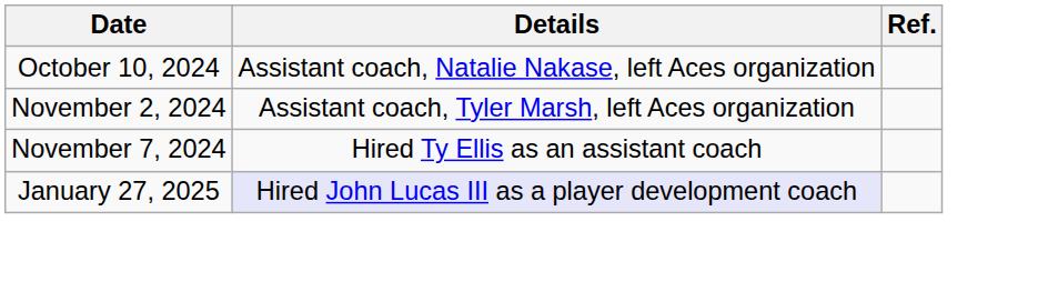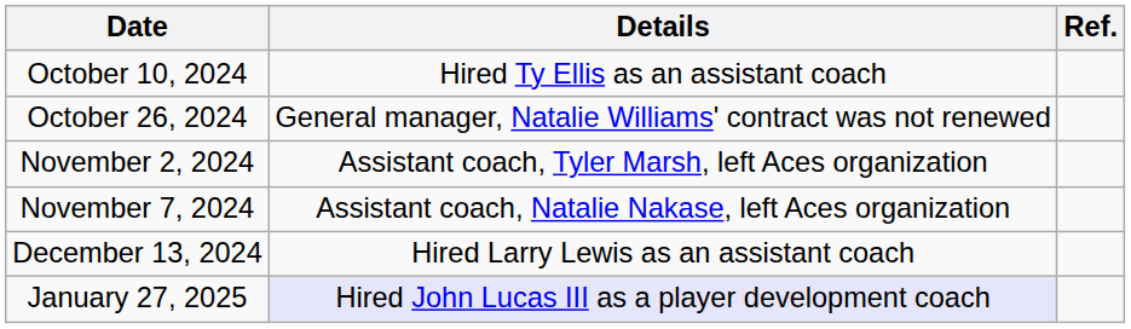 <table class="wikitable sortable sortable" style="text-align: center">
 <tr>
 <th>Date</th>
 <th>Details</th>
 <th>Ref.</th>
 </tr>
 <tr>
 <td>October 10, 2024</td>
-<td>Assistant coach, <a href='#'>Natalie Nakase</a>, left Aces organization</td>
+<td>Hired <a href='#'>Ty Ellis</a> as an assistant coach</td>
+<td></td>
+</tr>
+<tr>
+<td>October 26, 2024</td>
+<td>General manager, <a href='#'>Natalie Williams</a>' contract was not renewed</td>
 <td></td>
 </tr>
 <tr>
 <td>November 2, 2024</td>
 <td>Assistant coach, <a href='#'>Tyler Marsh</a>, left Aces organization</td>
 <td></td>
 </tr>
 <tr>
 <td>November 7, 2024</td>
-<td>Hired <a href='#'>Ty Ellis</a> as an assistant coach</td>
+<td>Assistant coach, <a href='#'>Natalie Nakase</a>, left Aces organization</td>
+<td></td>
+</tr>
+<tr>
+<td>December 13, 2024</td>
+<td>Hired Larry Lewis as an assistant coach</td>
 <td></td>
 </tr>
 <tr>
 <td>January 27, 2025</td>
 <td style="background: lavender;">Hired <a href='#'>John Lucas III</a> as a player development coach</td>
 <td></td>
 </tr>
 </table>
